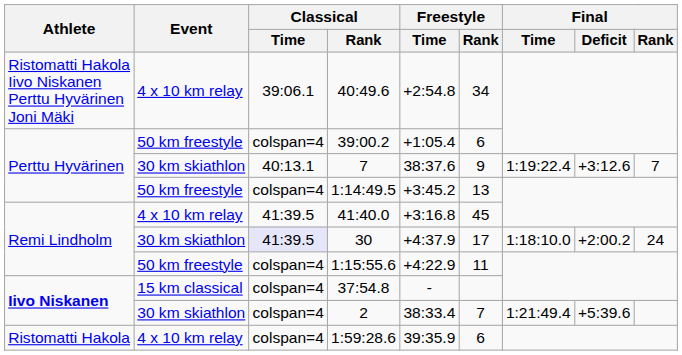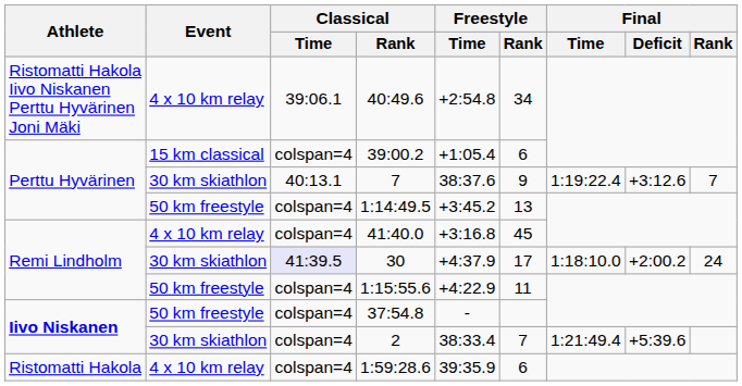 <table class="wikitable" style="font-size:90%">
 <tr>
 <th rowspan=2>Athlete</th>
 <th rowspan=2>Event</th>
 <th colspan=2>Classical</th>
 <th colspan=2>Freestyle</th>
 <th colspan=3>Final</th>
 </tr>
 <tr style="font-size: 95%">
 <th>Time</th>
 <th>Rank</th>
 <th>Time</th>
 <th>Rank</th>
 <th>Time</th>
 <th>Deficit</th>
 <th>Rank</th>
 </tr>
 <tr align=center>
 <td align=left><a href='#'>Ristomatti Hakola</a><br><a href='#'>Iivo Niskanen</a><br><a href='#'>Perttu Hyvärinen</a><br><a href='#'>Joni Mäki</a></td>
 <td align=left><a href='#'>4 x 10 km relay</a></td>
 <td>39:06.1</td>
 <td>40:49.6</td>
 <td>+2:54.8</td>
 <td>34</td>
 </tr>
 <tr align=center>
 <td align=left rowspan=3><a href='#'>Perttu Hyvärinen</a></td>
-<td align=left><a href='#'>50 km freestyle</a> </td>
+<td align=left><a href='#'>15 km classical</a></td>
 <td>colspan=4 </td>
 <td>39:00.2</td>
 <td>+1:05.4</td>
 <td>6</td>
 </tr>
 <tr align=center>
 <td align=left><a href='#'>30 km skiathlon</a></td>
 <td>40:13.1</td>
 <td>7</td>
 <td>38:37.6</td>
 <td>9</td>
 <td>1:19:22.4</td>
 <td>+3:12.6</td>
 <td>7</td>
 </tr>
 <tr align=center>
 <td align=left><a href='#'>50 km freestyle</a> </td>
 <td>colspan=4 </td>
 <td>1:14:49.5</td>
 <td>+3:45.2</td>
 <td>13</td>
 </tr>
 <tr align=center>
 <td align=left rowspan=3><a href='#'>Remi Lindholm</a></td>
 <td align=left><a href='#'>4 x 10 km relay</a></td>
-<td>41:39.5</td>
+<td>colspan=4 </td>
 <td>41:40.0</td>
 <td>+3:16.8</td>
 <td>45</td>
 </tr>
 <tr align=center>
 <td align=left><a href='#'>30 km skiathlon</a></td>
 <td style="background: lavender;">41:39.5</td>
 <td>30</td>
 <td>+4:37.9</td>
 <td>17</td>
 <td>1:18:10.0</td>
 <td>+2:00.2</td>
 <td>24</td>
 </tr>
 <tr align=center>
 <td align=left><a href='#'>50 km freestyle</a> </td>
 <td>colspan=4 </td>
 <td>1:15:55.6</td>
 <td>+4:22.9</td>
 <td>11</td>
 </tr>
 <tr align=center>
 <td align=left rowspan=2><strong><a href='#'>Iivo Niskanen</a></strong></td>
-<td align=left><a href='#'>15 km classical</a></td>
+<td align=left><a href='#'>50 km freestyle</a> </td>
 <td>colspan=4 </td>
 <td>37:54.8</td>
 <td>-</td>
 <td></td>
 </tr>
 <tr align=center>
 <td align=left><a href='#'>30 km skiathlon</a></td>
 <td>colspan=4 </td>
 <td>2</td>
 <td>38:33.4</td>
 <td>7</td>
 <td>1:21:49.4</td>
 <td>+5:39.6</td>
 <td></td>
 </tr>
 <tr align=center>
 <td align=left><a href='#'>Ristomatti Hakola</a></td>
 <td align=left><a href='#'>4 x 10 km relay</a></td>
 <td>colspan=4 </td>
 <td>1:59:28.6</td>
 <td>39:35.9</td>
 <td>6</td>
 </tr>
 </table>
